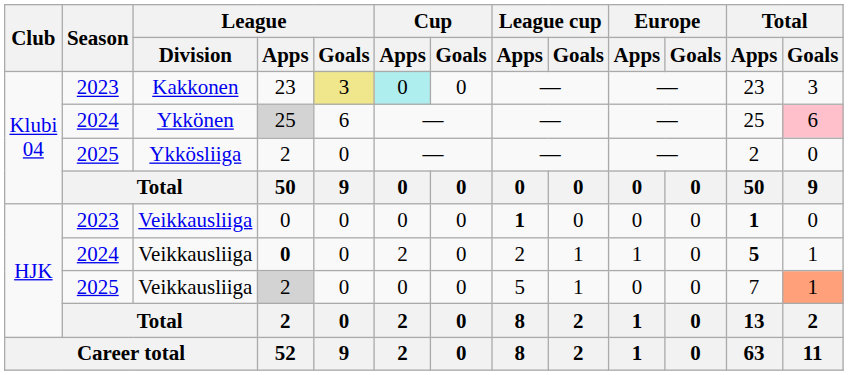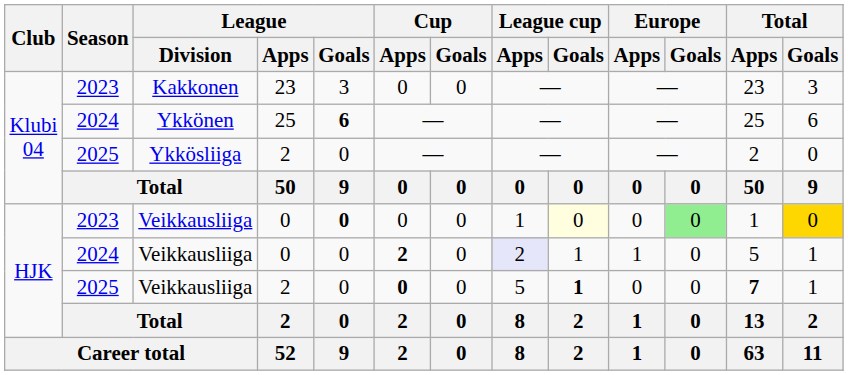 <table class="wikitable" style="text-align:center">
 <tr>
 <th rowspan="2">Club</th>
 <th rowspan="2">Season</th>
 <th colspan="3">League</th>
 <th colspan="2">Cup</th>
 <th colspan="2">League cup</th>
 <th colspan="2">Europe</th>
 <th colspan="2">Total</th>
 </tr>
 <tr>
 <th>Division</th>
 <th>Apps</th>
 <th>Goals</th>
 <th>Apps</th>
 <th>Goals</th>
 <th>Apps</th>
 <th>Goals</th>
 <th>Apps</th>
 <th>Goals</th>
 <th>Apps</th>
 <th>Goals</th>
 </tr>
 <tr>
 <td rowspan="4"><a href='#'>Klubi 04</a></td>
 <td><a href='#'>2023</a></td>
 <td><a href='#'>Kakkonen</a></td>
 <td>23</td>
-<td style="background: khaki;">3</td>
-<td style="background: paleturquoise;">0</td>
+<td>3</td>
+<td>0</td>
 <td>0</td>
 <td colspan="2">—</td>
 <td colspan="2">—</td>
 <td>23</td>
 <td>3</td>
 </tr>
 <tr>
 <td><a href='#'>2024</a></td>
 <td><a href='#'>Ykkönen</a></td>
-<td style="background: lightgrey;">25</td>
-<td>6</td>
+<td>25</td>
+<td><strong>6</strong></td>
 <td colspan="2">—</td>
 <td colspan="2">—</td>
 <td colspan="2">—</td>
 <td>25</td>
-<td style="background: pink;">6</td>
+<td>6</td>
 </tr>
 <tr>
 <td><a href='#'>2025</a></td>
 <td><a href='#'>Ykkösliiga</a></td>
 <td>2</td>
 <td>0</td>
 <td colspan="2">—</td>
 <td colspan="2">—</td>
 <td colspan="2">—</td>
 <td>2</td>
 <td>0</td>
 </tr>
 <tr>
 <th colspan="2">Total</th>
 <th>50</th>
 <th>9</th>
 <th>0</th>
 <th>0</th>
 <th>0</th>
 <th>0</th>
 <th>0</th>
 <th>0</th>
 <th>50</th>
 <th>9</th>
 </tr>
 <tr>
 <td rowspan=4><a href='#'>HJK</a></td>
 <td><a href='#'>2023</a></td>
 <td><a href='#'>Veikkausliiga</a></td>
 <td>0</td>
+<td><strong>0</strong></td>
 <td>0</td>
 <td>0</td>
+<td>1</td>
+<td style="background: lightyellow;">0</td>
 <td>0</td>
-<td><strong>1</strong></td>
-<td>0</td>
-<td>0</td>
-<td>0</td>
-<td><strong>1</strong></td>
-<td>0</td>
+<td style="background: lightgreen;">0</td>
+<td>1</td>
+<td style="background: gold;">0</td>
 </tr>
 <tr>
 <td><a href='#'>2024</a></td>
 <td>Veikkausliiga</td>
-<td><strong>0</strong></td>
 <td>0</td>
-<td>2</td>
 <td>0</td>
-<td>2</td>
+<td><strong>2</strong></td>
+<td>0</td>
+<td style="background: lavender;">2</td>
 <td>1</td>
 <td>1</td>
 <td>0</td>
-<td><strong>5</strong></td>
+<td>5</td>
 <td>1</td>
 </tr>
 <tr>
 <td><a href='#'>2025</a></td>
 <td>Veikkausliiga</td>
-<td style="background: lightgrey;">2</td>
+<td>2</td>
+<td>0</td>
+<td><strong>0</strong></td>
+<td>0</td>
+<td>5</td>
+<td><strong>1</strong></td>
 <td>0</td>
 <td>0</td>
-<td>0</td>
-<td>5</td>
+<td><strong>7</strong></td>
 <td>1</td>
-<td>0</td>
-<td>0</td>
-<td>7</td>
-<td style="background: lightsalmon;">1</td>
 </tr>
 <tr>
 <th colspan="2">Total</th>
 <th>2</th>
 <th>0</th>
 <th>2</th>
 <th>0</th>
 <th>8</th>
 <th>2</th>
 <th>1</th>
 <th>0</th>
 <th>13</th>
 <th>2</th>
 </tr>
 <tr>
 <th colspan="3">Career total</th>
 <th>52</th>
 <th>9</th>
 <th>2</th>
 <th>0</th>
 <th>8</th>
 <th>2</th>
 <th>1</th>
 <th>0</th>
 <th>63</th>
 <th>11</th>
 </tr>
 </table>
